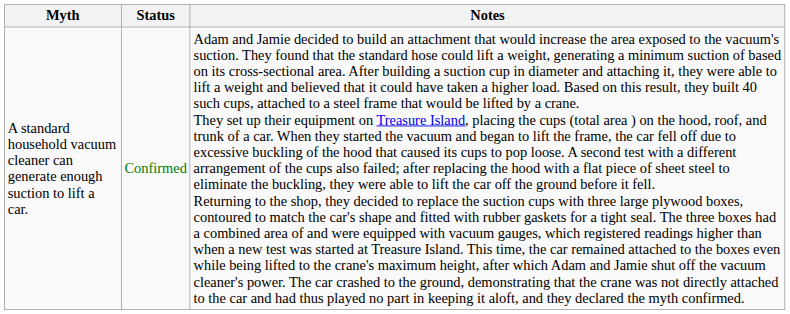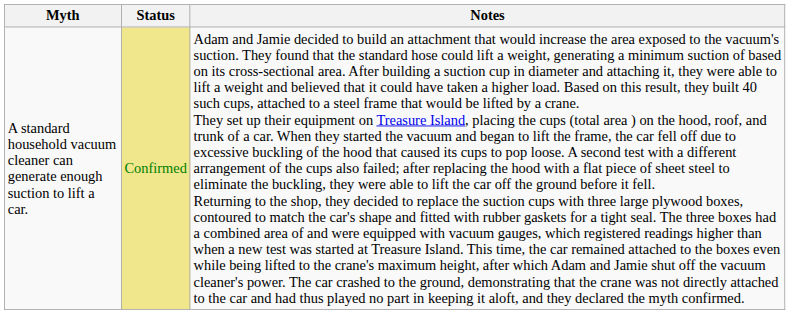 <table class="wikitable plainrowheaders">
 <tr>
 <th scope"col">Myth</th>
 <th scope"col">Status</th>
 <th scope"col">Notes</th>
 </tr>
 <tr>
 <td scope"row">A standard household vacuum cleaner can generate enough suction to lift a car.</td>
-<td style="color:green">Confirmed</td>
+<td style="background: khaki; color:green">Confirmed</td>
 <td>Adam and Jamie decided to build an attachment that would increase the area exposed to the vacuum's suction. They found that the standard hose could lift a  weight, generating a minimum suction of  based on its cross-sectional area. After building a suction cup  in diameter and attaching it, they were able to lift a  weight and believed that it could have taken a higher load. Based on this result, they built 40 such cups, attached to a steel frame that would be lifted by a crane.<br>They set up their equipment on <a href='#'>Treasure Island</a>, placing the cups (total area ) on the hood, roof, and trunk of a  car. When they started the vacuum and began to lift the frame, the car fell off due to excessive buckling of the hood that caused its cups to pop loose. A second test with a different arrangement of the cups also failed; after replacing the hood with a flat piece of sheet steel to eliminate the buckling, they were able to lift the car  off the ground before it fell.<br>Returning to the shop, they decided to replace the suction cups with three large plywood boxes, contoured to match the car's shape and fitted with rubber gaskets for a tight seal. The three boxes had a combined area of  and were equipped with vacuum gauges, which registered readings higher than  when a new test was started at Treasure Island. This time, the car remained attached to the boxes even while being lifted to the crane's maximum height, after which Adam and Jamie shut off the vacuum cleaner's power. The car crashed to the ground, demonstrating that the crane was not directly attached to the car and had thus played no part in keeping it aloft, and they declared the myth confirmed.</td>
 </tr>
 </table>
